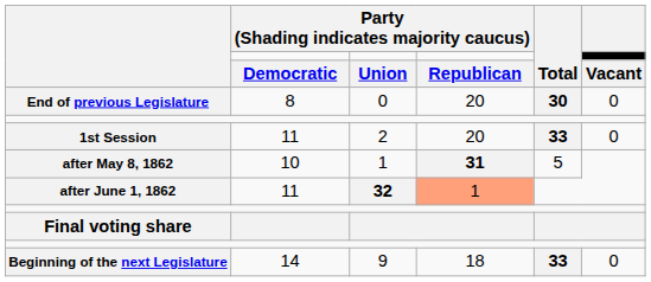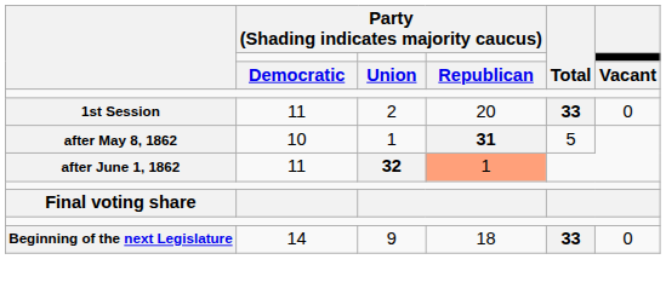 <table class=wikitable style="text-align:center">
 <tr style="vertical-align:bottom;">
 <th rowspan=3></th>
 <th colspan=3>Party <div>(Shading indicates majority caucus)</div></th>
 <th rowspan=3>Total</th>
 <th></th>
 </tr>
 <tr style="height:5px">
 <td style="background-color:"></td>
 <td style="background-color:"></td>
 <td style="background-color:"></td>
 <td style="background:black;"></td>
 </tr>
 <tr>
 <th><a href='#'>Democratic</a></th>
 <th><a href='#'>Union</a></th>
 <th><a href='#'>Republican</a></th>
 <th>Vacant</th>
-</tr>
-<tr>
-<th style="font-size:80%;">End of <a href='#'>previous Legislature</a></th>
-<td>8</td>
-<td>0</td>
-<td>20</td>
-<th>30</th>
-<td>0</td>
 </tr>
 <tr>
 <td colspan=6></td>
 </tr>
 <tr>
 <th style="font-size:80%;">1st Session</th>
 <td>11</td>
 <td>2</td>
 <td>20</td>
 <th>33</th>
 <td>0</td>
 </tr>
 <tr>
 <th style="font-size:80%;">after May 8, 1862</th>
 <td>10</td>
 <td>1</td>
 <th>31</th>
 <td>5</td>
 </tr>
 <tr>
 <th style="font-size:80%;">after June 1, 1862</th>
 <td>11</td>
 <th>32</th>
 <td style="background: lightsalmon;">1</td>
 </tr>
 <tr>
 <td colspan=6></td>
 </tr>
 <tr>
 <th>Final voting share</th>
 <th></th>
 <th colspan=2 ></th>
 <th colspan=2></th>
 </tr>
 <tr>
 <td colspan=6></td>
 </tr>
 <tr>
 <th style="font-size:80%;">Beginning of the <a href='#'>next Legislature</a></th>
 <td>14</td>
 <td>9</td>
 <td>18</td>
 <th>33</th>
 <td>0</td>
 </tr>
 </table>
